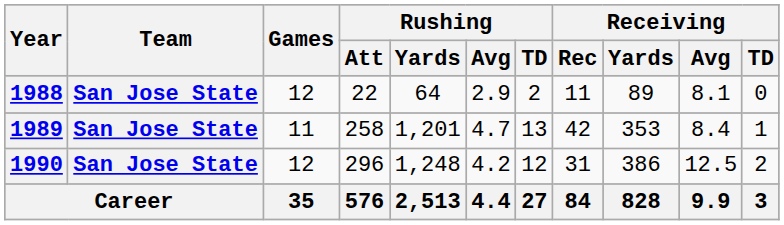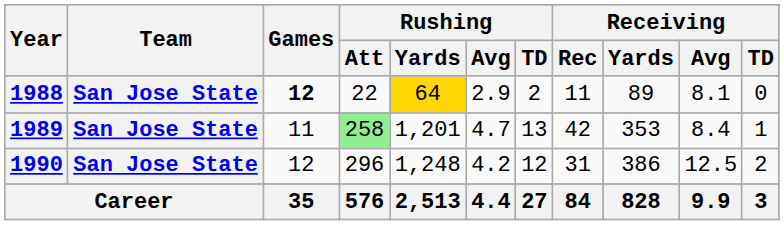 <table class="wikitable" style="text-align:center;">
 <tr>
 <th rowspan="2">Year</th>
 <th rowspan="2">Team</th>
 <th rowspan="2">Games</th>
 <th colspan="4">Rushing</th>
 <th colspan="4">Receiving</th>
 </tr>
 <tr>
 <th>Att</th>
 <th>Yards</th>
 <th>Avg</th>
 <th>TD</th>
 <th>Rec</th>
 <th>Yards</th>
 <th>Avg</th>
 <th>TD</th>
 </tr>
 <tr>
 <th><a href='#'>1988</a></th>
 <th><a href='#'>San Jose State</a></th>
-<td>12</td>
+<td><strong>12</strong></td>
 <td>22</td>
-<td>64</td>
+<td style="background: gold;">64</td>
 <td>2.9</td>
 <td>2</td>
 <td>11</td>
 <td>89</td>
 <td>8.1</td>
 <td>0</td>
 </tr>
 <tr>
 <th><a href='#'>1989</a></th>
 <th><a href='#'>San Jose State</a></th>
 <td>11</td>
-<td>258</td>
+<td style="background: lightgreen;">258</td>
 <td>1,201</td>
 <td>4.7</td>
 <td>13</td>
 <td>42</td>
 <td>353</td>
 <td>8.4</td>
 <td>1</td>
 </tr>
 <tr>
 <th><a href='#'>1990</a></th>
 <th><a href='#'>San Jose State</a></th>
 <td>12</td>
 <td>296</td>
 <td>1,248</td>
 <td>4.2</td>
 <td>12</td>
 <td>31</td>
 <td>386</td>
 <td>12.5</td>
 <td>2</td>
 </tr>
 <tr>
 <th colspan="2">Career</th>
 <th>35</th>
 <th>576</th>
 <th>2,513</th>
 <th>4.4</th>
 <th>27</th>
 <th>84</th>
 <th>828</th>
 <th>9.9</th>
 <th>3</th>
 </tr>
 </table>
